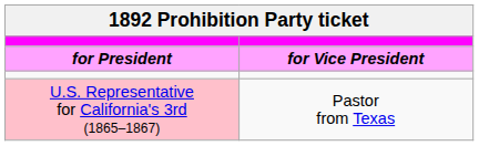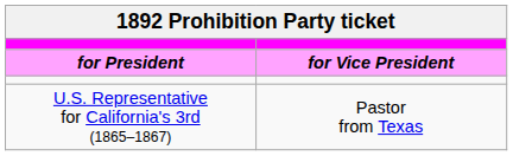 <table class="wikitable" style="font-size:90%; text-align:center;">
 <tr>
 <td style="background:#f1f1f1;" colspan="30"><big><strong>1892 Prohibition Party ticket</strong></big></td>
 </tr>
 <tr>
 <th style="width:3em; font-size:135%; background:#FF00FF; width:200px;"><a href='#'></a></th>
 <th style="width:3em; font-size:135%; background:#FF00FF; width:200px;"><a href='#'></a></th>
 </tr>
 <tr style="color:#000; font-size:100%; background:#ffa3ff;">
 <td style="width:3em; width:200px;"><strong><em>for President</em></strong></td>
 <td style="width:3em; width:200px;"><strong><em>for Vice President</em></strong></td>
 </tr>
 <tr>
 <td></td>
 <td></td>
 </tr>
 <tr>
-<td style="background: pink;"><a href='#'>U.S. Representative</a><br>for <a href='#'>California's 3rd</a><br><small>(1865–1867)</small></td>
+<td><a href='#'>U.S. Representative</a><br>for <a href='#'>California's 3rd</a><br><small>(1865–1867)</small></td>
 <td>Pastor<br>from <a href='#'>Texas</a></td>
 </tr>
 </table>
